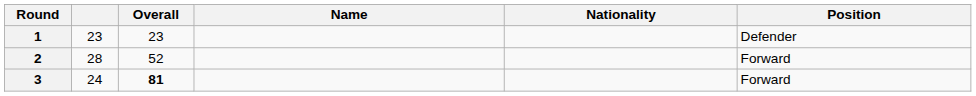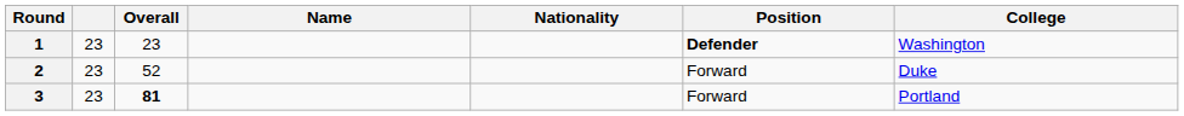 <table class="wikitable sortable" style="width:90%">
 <tr>
 <th scope="col" style="width: 3%;">Round</th>
 <th scope="col" style="width: 3%;"></th>
 <th scope="col" style="width: 4%;">Overall</th>
 <th scope="col" style="width: 20%;">Name</th>
 <th scope="col" style="width: 15%;">Nationality</th>
 <th scope="col" style="width: 15%;">Position</th>
+<th scope="col" style="width: 20%;">College</th>
 </tr>
 <tr>
 <th scope="row">1</th>
 <td align="center">23</td>
 <td align="center">23</td>
 <td></td>
 <td></td>
-<td>Defender</td>
+<td><strong>Defender</strong></td>
+<td><a href='#'>Washington</a></td>
 </tr>
 <tr>
 <th scope="row">2</th>
-<td align="center">28</td>
+<td align="center">23</td>
 <td align="center">52</td>
 <td></td>
 <td></td>
 <td>Forward</td>
+<td><a href='#'>Duke</a></td>
 </tr>
 <tr>
 <th scope="row">3</th>
-<td align="center">24</td>
+<td align="center">23</td>
 <td align="center"><strong>81</strong></td>
 <td></td>
 <td></td>
 <td>Forward</td>
+<td><a href='#'>Portland</a></td>
 </tr>
 </table>
